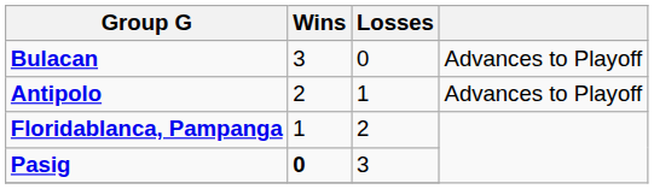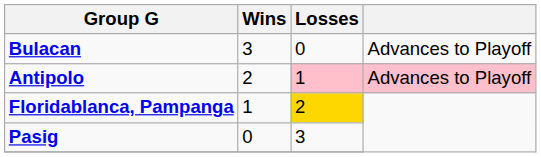 <table class="wikitable">
 <tr align=center>
 <th>Group G</th>
 <th>Wins</th>
 <th>Losses</th>
 <th></th>
 </tr>
 <tr>
 <td><strong><a href='#'>Bulacan</a></strong></td>
 <td>3</td>
 <td>0</td>
 <td>Advances to Playoff</td>
 </tr>
 <tr>
 <td><strong><a href='#'>Antipolo</a></strong></td>
 <td>2</td>
-<td>1</td>
-<td>Advances to Playoff</td>
+<td style="background: pink;">1</td>
+<td style="background: pink;">Advances to Playoff</td>
 </tr>
 <tr>
 <td><strong><a href='#'>Floridablanca, Pampanga</a></strong></td>
 <td>1</td>
-<td>2</td>
+<td style="background: gold;">2</td>
 </tr>
 <tr>
 <td><strong><a href='#'>Pasig</a></strong></td>
-<td><strong>0</strong></td>
+<td>0</td>
 <td>3</td>
 </tr>
 <tr>
 </tr>
 </table>
